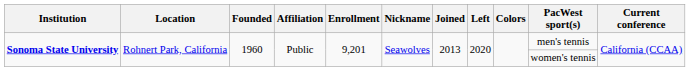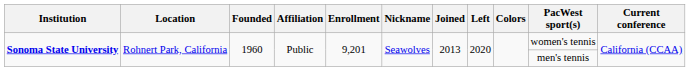 <table class="wikitable sortable" style="text-align:center">
 <tr>
 <th>Institution</th>
 <th>Location</th>
 <th>Founded</th>
 <th>Affiliation</th>
 <th>Enrollment</th>
 <th>Nickname</th>
 <th>Joined</th>
 <th>Left</th>
 <th>Colors</th>
 <th>PacWest<br>sport(s)</th>
 <th>Current<br>conference</th>
 </tr>
 <tr>
 <td rowspan=2><strong><a href='#'>Sonoma State University</a></strong></td>
 <td rowspan=2><a href='#'>Rohnert Park, California</a></td>
 <td rowspan=2>1960</td>
 <td rowspan=2>Public</td>
 <td rowspan=2>9,201</td>
 <td rowspan=2><a href='#'>Seawolves</a></td>
 <td rowspan=2>2013</td>
 <td rowspan=2>2020</td>
 <td rowspan=2></td>
-<td>men's tennis</td>
+<td>women's tennis</td>
 <td rowspan=2><a href='#'>California (CCAA)</a></td>
 </tr>
 <tr>
-<td>women's tennis</td>
+<td>men's tennis</td>
 </tr>
 </table>
